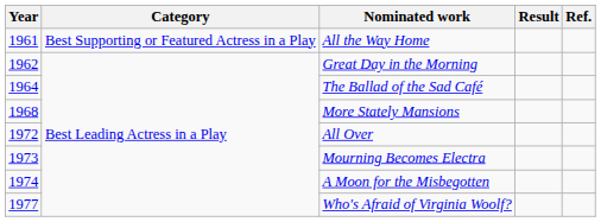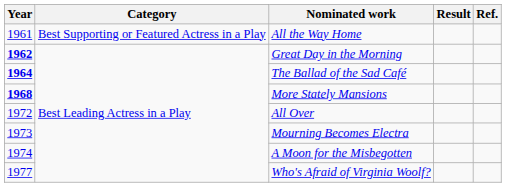 <table class="wikitable">
 <tr>
 <th>Year</th>
 <th>Category</th>
 <th>Nominated work</th>
 <th>Result</th>
 <th>Ref.</th>
 </tr>
 <tr>
 <td><a href='#'>1961</a></td>
 <td><a href='#'>Best Supporting or Featured Actress in a Play</a></td>
 <td><em><a href='#'>All the Way Home</a></em></td>
 <td></td>
 <td align="center"></td>
 </tr>
 <tr>
-<td><a href='#'>1962</a></td>
+<td><strong><a href='#'>1962</a></strong></td>
 <td rowspan="7"><a href='#'>Best Leading Actress in a Play</a></td>
 <td><em><a href='#'>Great Day in the Morning</a></em></td>
 <td></td>
 <td align="center"></td>
 </tr>
 <tr>
-<td><a href='#'>1964</a></td>
+<td><strong><a href='#'>1964</a></strong></td>
 <td><em><a href='#'>The Ballad of the Sad Café</a></em></td>
 <td></td>
 <td align="center"></td>
 </tr>
 <tr>
-<td><a href='#'>1968</a></td>
+<td><strong><a href='#'>1968</a></strong></td>
 <td><em><a href='#'>More Stately Mansions</a></em></td>
 <td></td>
 <td align="center"></td>
 </tr>
 <tr>
 <td><a href='#'>1972</a></td>
 <td><em><a href='#'>All Over</a></em></td>
 <td></td>
 <td align="center"></td>
 </tr>
 <tr>
 <td><a href='#'>1973</a></td>
 <td><em><a href='#'>Mourning Becomes Electra</a></em></td>
 <td></td>
 <td align="center"></td>
 </tr>
 <tr>
 <td><a href='#'>1974</a></td>
 <td><em><a href='#'>A Moon for the Misbegotten</a></em></td>
 <td></td>
 <td align="center"></td>
 </tr>
 <tr>
 <td><a href='#'>1977</a></td>
 <td><em><a href='#'>Who's Afraid of Virginia Woolf?</a></em></td>
 <td></td>
 <td align="center"></td>
 </tr>
 </table>
